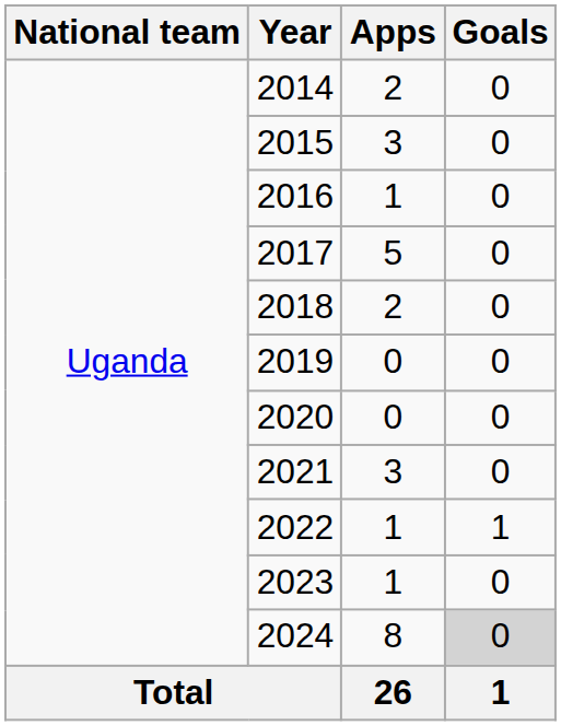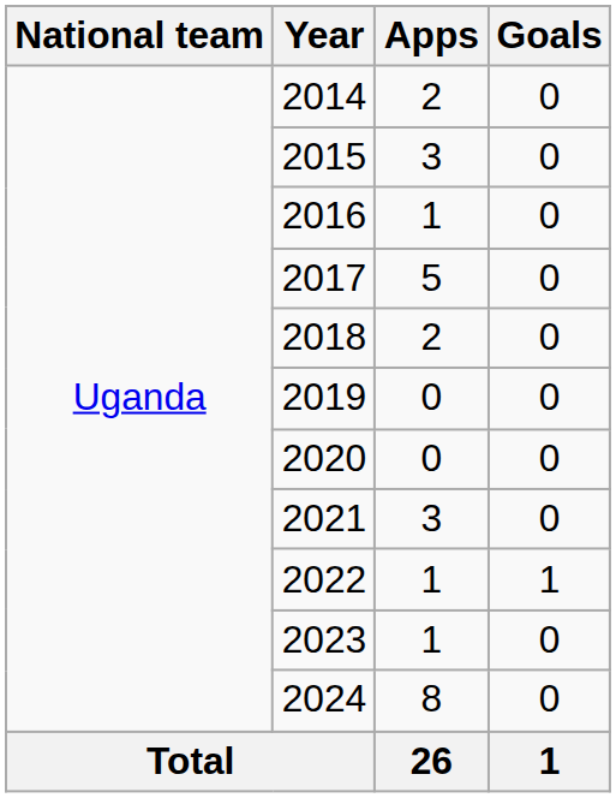 <table class="wikitable" style="text-align:center">
 <tr>
 <th>National team</th>
 <th>Year</th>
 <th>Apps</th>
 <th>Goals</th>
 </tr>
 <tr>
 <td rowspan="11"><a href='#'>Uganda</a></td>
 <td>2014</td>
 <td>2</td>
 <td>0</td>
 </tr>
 <tr>
 <td>2015</td>
 <td>3</td>
 <td>0</td>
 </tr>
 <tr>
 <td>2016</td>
 <td>1</td>
 <td>0</td>
 </tr>
 <tr>
 <td>2017</td>
 <td>5</td>
 <td>0</td>
 </tr>
 <tr>
 <td>2018</td>
 <td>2</td>
 <td>0</td>
 </tr>
 <tr>
 <td>2019</td>
 <td>0</td>
 <td>0</td>
 </tr>
 <tr>
 <td>2020</td>
 <td>0</td>
 <td>0</td>
 </tr>
 <tr>
 <td>2021</td>
 <td>3</td>
 <td>0</td>
 </tr>
 <tr>
 <td>2022</td>
 <td>1</td>
 <td>1</td>
 </tr>
 <tr>
 <td>2023</td>
 <td>1</td>
 <td>0</td>
 </tr>
 <tr>
 <td>2024</td>
 <td>8</td>
-<td style="background: lightgrey;">0</td>
+<td>0</td>
 </tr>
 <tr>
 <th colspan="2">Total</th>
 <th>26</th>
 <th>1</th>
 </tr>
 </table>
